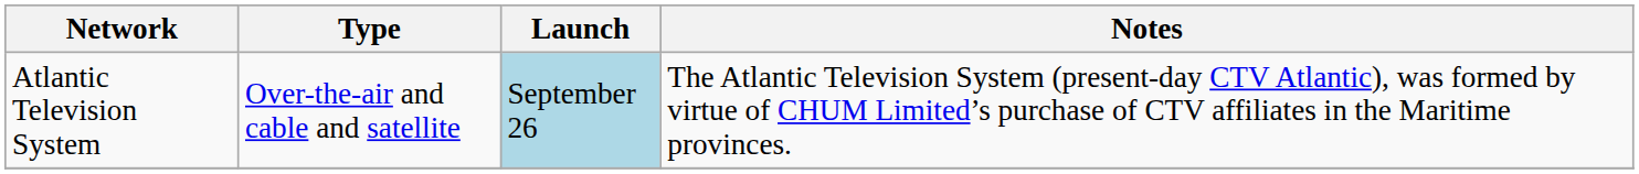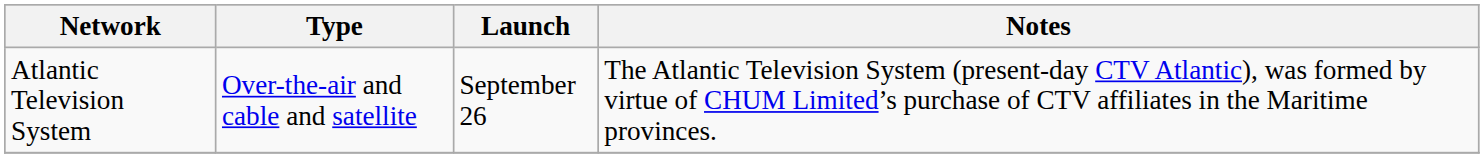 <table class="wikitable">
 <tr>
 <th>Network</th>
 <th>Type</th>
 <th>Launch</th>
 <th>Notes</th>
 </tr>
 <tr>
 <td>Atlantic Television System</td>
 <td><a href='#'>Over-the-air</a> and <a href='#'>cable</a> and <a href='#'>satellite</a></td>
-<td style="background: lightblue;">September 26</td>
+<td>September 26</td>
 <td>The Atlantic Television System (present-day <a href='#'>CTV Atlantic</a>), was formed by virtue of <a href='#'>CHUM Limited</a>’s purchase of CTV affiliates in the Maritime provinces.</td>
 </tr>
 <tr>
 </tr>
 </table>
